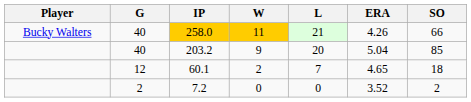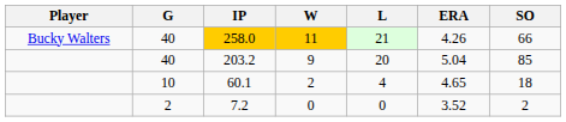 <table class="wikitable sortable">
 <tr>
 <th bgcolor="#DDDDFF" width="16%">Player</th>
 <th bgcolor="#DDDDFF" width="9%">G</th>
 <th bgcolor="#DDDDFF" width="9%">IP</th>
 <th bgcolor="#DDDDFF" width="9%">W</th>
 <th bgcolor="#DDDDFF" width="9%">L</th>
 <th bgcolor="#DDDDFF" width="9%">ERA</th>
 <th bgcolor="#DDDDFF" width="9%">SO</th>
 </tr>
 <tr align="center">
 <td><a href='#'>Bucky Walters</a></td>
 <td>40</td>
 <td style="background:#fc0;">258.0</td>
 <td style="background:#fc0;">11</td>
 <td style="background:#DDFFDD;">21</td>
 <td>4.26</td>
 <td>66</td>
 </tr>
 <tr align=center>
 <td></td>
 <td>40</td>
 <td>203.2</td>
 <td>9</td>
 <td>20</td>
 <td>5.04</td>
 <td>85</td>
 </tr>
 <tr align="center">
 <td></td>
-<td>12</td>
+<td>10</td>
 <td>60.1</td>
 <td>2</td>
-<td>7</td>
+<td>4</td>
 <td>4.65</td>
 <td>18</td>
 </tr>
 <tr align="center">
 <td></td>
 <td>2</td>
 <td>7.2</td>
 <td>0</td>
 <td>0</td>
 <td>3.52</td>
 <td>2</td>
 </tr>
 </table>
